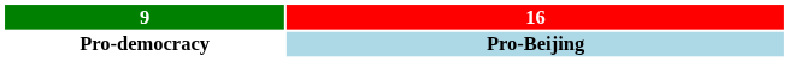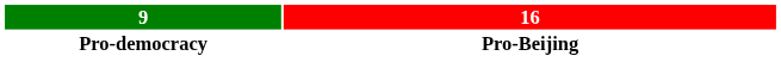 <table style="width:50%; text-align:center;">
 <tr style="color:white;">
 <td style="background:green; width:36%;"><strong>9</strong></td>
 <td style="background:red; width:64%;"><strong>16</strong></td>
 </tr>
 <tr>
 <td><span><strong>Pro-democracy</strong></span></td>
-<td style="background: lightblue;"><span><strong>Pro-Beijing</strong></span></td>
+<td><span><strong>Pro-Beijing</strong></span></td>
 </tr>
 </table>
